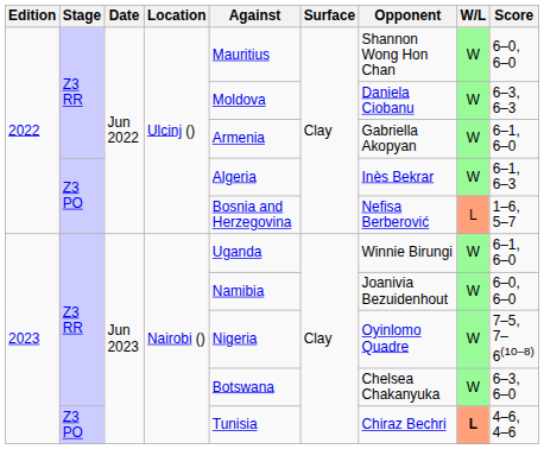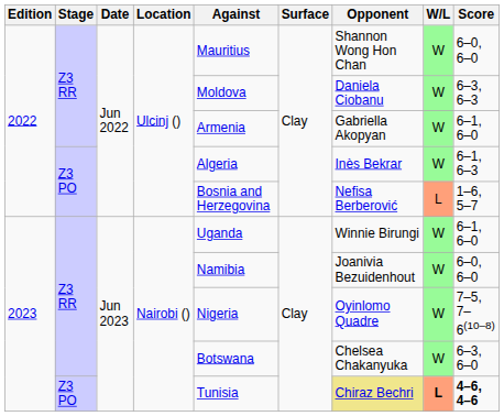 <table class=wikitable>
 <tr>
 <th>Edition</th>
 <th>Stage</th>
 <th>Date</th>
 <th>Location</th>
 <th>Against</th>
 <th>Surface</th>
 <th>Opponent</th>
 <th>W/L</th>
 <th>Score</th>
 </tr>
 <tr>
 <td rowspan=5><a href='#'>2022</a></td>
 <td style="background:#CCCCFF;" rowspan=3><a href='#'>Z3 RR</a></td>
 <td rowspan=5>Jun 2022</td>
 <td rowspan=5><a href='#'>Ulcinj</a> ()</td>
 <td> <a href='#'>Mauritius</a></td>
 <td rowspan=5>Clay</td>
 <td>Shannon Wong Hon Chan</td>
 <td style="text-align:center; background:#98fb98;">W</td>
 <td>6–0, 6–0</td>
 </tr>
 <tr>
 <td> <a href='#'>Moldova</a></td>
 <td><a href='#'>Daniela Ciobanu</a></td>
 <td style="text-align:center; background:#98fb98;">W</td>
 <td>6–3, 6–3</td>
 </tr>
 <tr>
 <td> <a href='#'>Armenia</a></td>
 <td>Gabriella Akopyan</td>
 <td style="text-align:center; background:#98fb98;">W</td>
 <td>6–1, 6–0</td>
 </tr>
 <tr>
 <td style="background:#CCCCFF;" rowspan=2><a href='#'>Z3 PO</a></td>
 <td> <a href='#'>Algeria</a></td>
 <td><a href='#'>Inès Bekrar</a></td>
 <td style="text-align:center; background:#98fb98;">W</td>
 <td>6–1, 6–3</td>
 </tr>
 <tr>
 <td> <a href='#'>Bosnia and Herzegovina</a></td>
 <td><a href='#'>Nefisa Berberović</a></td>
 <td style="text-align:center; background:#ffa07a;">L</td>
 <td>1–6, 5–7</td>
 </tr>
 <tr>
 <td rowspan=5><a href='#'>2023</a></td>
 <td style="background:#CCCCFF;" rowspan=4><a href='#'>Z3 RR</a></td>
 <td rowspan=5>Jun 2023</td>
 <td rowspan=5><a href='#'>Nairobi</a> ()</td>
 <td> <a href='#'>Uganda</a></td>
 <td rowspan=5>Clay</td>
 <td>Winnie Birungi</td>
 <td style="text-align:center; background:#98fb98;">W</td>
 <td>6–1, 6–0</td>
 </tr>
 <tr>
 <td> <a href='#'>Namibia</a></td>
 <td>Joanivia Bezuidenhout</td>
 <td style="text-align:center; background:#98fb98;">W</td>
 <td>6–0, 6–0</td>
 </tr>
 <tr>
 <td> <a href='#'>Nigeria</a></td>
 <td><a href='#'>Oyinlomo Quadre</a></td>
 <td style="text-align:center; background:#98fb98;">W</td>
 <td>7–5, 7–6<sup>(10–8)</sup></td>
 </tr>
 <tr>
 <td> <a href='#'>Botswana</a></td>
 <td>Chelsea Chakanyuka</td>
 <td style="text-align:center; background:#98fb98;">W</td>
 <td>6–3, 6–0</td>
 </tr>
 <tr>
 <td style="background:#CCCCFF;" rowspan=2><a href='#'>Z3 PO</a></td>
 <td> <a href='#'>Tunisia</a></td>
-<td><a href='#'>Chiraz Bechri</a></td>
+<td style="background: khaki;"><a href='#'>Chiraz Bechri</a></td>
 <td style="text-align:center; background:#ffa07a;"><strong>L</strong></td>
-<td>4–6, 4–6</td>
+<td><strong>4–6, 4–6</strong></td>
 </tr>
 </table>
